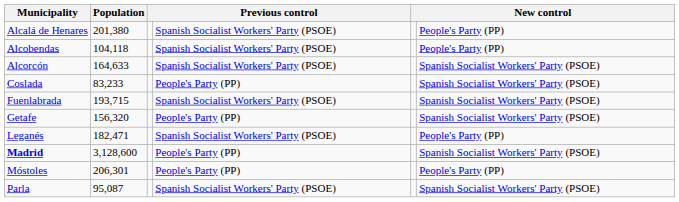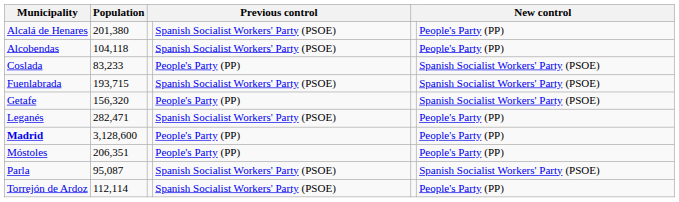 <table class="wikitable sortable">
 <tr>
 <th>Municipality</th>
 <th>Population</th>
 <th colspan="2" style="width:375px;">Previous control</th>
 <th colspan="2" style="width:375px;">New control</th>
 </tr>
 <tr>
 <td><a href='#'>Alcalá de Henares</a></td>
 <td>201,380</td>
 <td width="1" style="color:inherit;background:"></td>
 <td><a href='#'>Spanish Socialist Workers' Party</a> (PSOE)</td>
 <td width="1" style="color:inherit;background:"></td>
 <td><a href='#'>People's Party</a> (PP)</td>
 </tr>
 <tr>
 <td><a href='#'>Alcobendas</a></td>
 <td>104,118</td>
 <td style="color:inherit;background:"></td>
 <td><a href='#'>Spanish Socialist Workers' Party</a> (PSOE)</td>
 <td style="color:inherit;background:"></td>
 <td><a href='#'>People's Party</a> (PP)</td>
-</tr>
-<tr>
-<td><a href='#'>Alcorcón</a></td>
-<td>164,633</td>
-<td style="color:inherit;background:"></td>
-<td><a href='#'>Spanish Socialist Workers' Party</a> (PSOE)</td>
-<td style="color:inherit;background:"></td>
-<td><a href='#'>Spanish Socialist Workers' Party</a> (PSOE)</td>
 </tr>
 <tr>
 <td><a href='#'>Coslada</a></td>
 <td>83,233</td>
 <td style="color:inherit;background:"></td>
 <td><a href='#'>People's Party</a> (PP)</td>
 <td style="color:inherit;background:"></td>
 <td><a href='#'>Spanish Socialist Workers' Party</a> (PSOE)</td>
 </tr>
 <tr>
 <td><a href='#'>Fuenlabrada</a></td>
 <td>193,715</td>
 <td style="color:inherit;background:"></td>
 <td><a href='#'>Spanish Socialist Workers' Party</a> (PSOE)</td>
 <td style="color:inherit;background:"></td>
 <td><a href='#'>Spanish Socialist Workers' Party</a> (PSOE)</td>
 </tr>
 <tr>
 <td><a href='#'>Getafe</a></td>
 <td>156,320</td>
 <td style="color:inherit;background:"></td>
 <td><a href='#'>People's Party</a> (PP)</td>
 <td style="color:inherit;background:"></td>
 <td><a href='#'>Spanish Socialist Workers' Party</a> (PSOE)</td>
 </tr>
 <tr>
 <td><a href='#'>Leganés</a></td>
-<td>182,471</td>
+<td>282,471</td>
 <td style="color:inherit;background:"></td>
 <td><a href='#'>Spanish Socialist Workers' Party</a> (PSOE)</td>
 <td style="color:inherit;background:"></td>
 <td><a href='#'>People's Party</a> (PP) </td>
 </tr>
 <tr>
 <td><strong><a href='#'>Madrid</a></strong></td>
 <td>3,128,600</td>
 <td style="color:inherit;background:"></td>
 <td><a href='#'>People's Party</a> (PP)</td>
 <td style="color:inherit;background:"></td>
-<td><a href='#'>Spanish Socialist Workers' Party</a> (PSOE)</td>
+<td><a href='#'>People's Party</a> (PP)</td>
 </tr>
 <tr>
 <td><a href='#'>Móstoles</a></td>
-<td>206,301</td>
+<td>206,351</td>
 <td style="color:inherit;background:"></td>
 <td><a href='#'>People's Party</a> (PP)</td>
 <td style="color:inherit;background:"></td>
 <td><a href='#'>People's Party</a> (PP)</td>
 </tr>
 <tr>
 <td><a href='#'>Parla</a></td>
 <td>95,087</td>
 <td style="color:inherit;background:"></td>
 <td><a href='#'>Spanish Socialist Workers' Party</a> (PSOE)</td>
 <td style="color:inherit;background:"></td>
 <td><a href='#'>Spanish Socialist Workers' Party</a> (PSOE)</td>
 </tr>
+<tr>
+<td><a href='#'>Torrejón de Ardoz</a></td>
+<td>112,114</td>
+<td style="color:inherit;background:"></td>
+<td><a href='#'>Spanish Socialist Workers' Party</a> (PSOE)</td>
+<td style="color:inherit;background:"></td>
+<td><a href='#'>People's Party</a> (PP)</td>
+</tr>
 </table>
